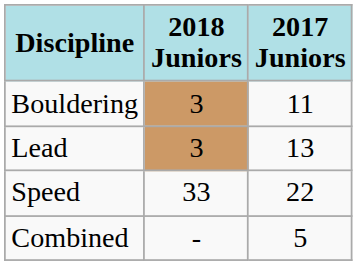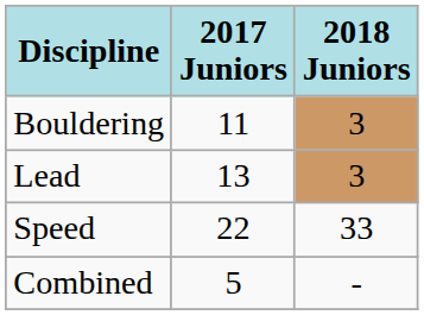 <table class="wikitable" style="text-align: center;">
 <tr>
 <th style="background: #b0e0e6;">Discipline</th>
+<th style="background: #b0e0e6;">2017<br>Juniors</th>
 <th style="background: #b0e0e6;">2018<br>Juniors</th>
-<th style="background: #b0e0e6;">2017<br>Juniors</th>
 </tr>
 <tr>
 <td align="left">Bouldering</td>
+<td>11</td>
 <td style="background: #cc9966">3</td>
-<td>11</td>
 </tr>
 <tr>
 <td align="left">Lead</td>
+<td>13</td>
 <td style="background: #cc9966">3</td>
-<td>13</td>
 </tr>
 <tr>
 <td align="left">Speed</td>
+<td>22</td>
 <td>33</td>
-<td>22</td>
 </tr>
 <tr>
 <td align="left">Combined</td>
+<td>5</td>
 <td>-</td>
-<td>5</td>
 </tr>
 </table>
